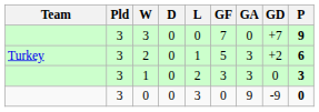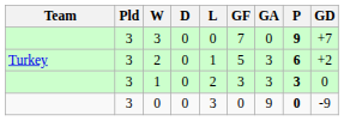 <table class="wikitable">
 <tr>
 <th width=120>Team</th>
 <th width=25>Pld</th>
 <th width=25>W</th>
 <th width=25>D</th>
 <th width=25>L</th>
 <th width=25>GF</th>
 <th width=25>GA</th>
+<th width=25>P</th>
 <th width=25>GD</th>
-<th width=25>P</th>
 </tr>
 <tr align=center bgcolor=#ccffcc>
 <td align=left></td>
 <td>3</td>
 <td>3</td>
 <td>0</td>
 <td>0</td>
 <td>7</td>
 <td>0</td>
+<td><strong>9</strong></td>
 <td>+7</td>
-<td><strong>9</strong></td>
 </tr>
 <tr align=center bgcolor=#ccffcc>
 <td align=left> <a href='#'>Turkey</a></td>
 <td>3</td>
 <td>2</td>
 <td>0</td>
 <td>1</td>
 <td>5</td>
 <td>3</td>
+<td><strong>6</strong></td>
 <td>+2</td>
-<td><strong>6</strong></td>
 </tr>
 <tr align=center bgcolor=#ccffcc>
 <td align=left></td>
 <td>3</td>
 <td>1</td>
 <td>0</td>
 <td>2</td>
 <td>3</td>
 <td>3</td>
+<td><strong>3</strong></td>
 <td>0</td>
-<td><strong>3</strong></td>
 </tr>
 <tr align=center>
 <td align=left></td>
 <td>3</td>
 <td>0</td>
 <td>0</td>
 <td>3</td>
 <td>0</td>
 <td>9</td>
+<td><strong>0</strong></td>
 <td>-9</td>
-<td><strong>0</strong></td>
 </tr>
 </table>
